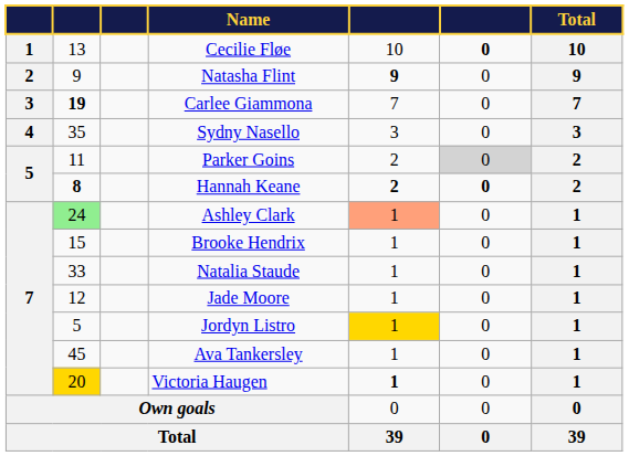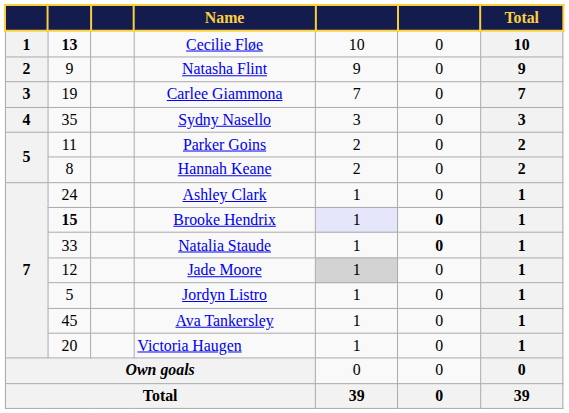 <table class="wikitable sortable" style="text-align:center;">
 <tr>
 <th style="background:#141B4D; color:#FBD13B; border:2px solid #FBD13B; width:35px;" scope="col"></th>
 <th style="background:#141B4D; color:#FBD13B; border:2px solid #FBD13B; width:35px;" scope="col"></th>
 <th style="background:#141B4D; color:#FBD13B; border:2px solid #FBD13B; width:35px;" scope="col"></th>
 <th style="background:#141B4D; color:#FBD13B; border:2px solid #FBD13B; width:175px;" scope="col">Name</th>
 <th style="background:#141B4D; color:#FBD13B; border:2px solid #FBD13B; width:75px;" scope="col"></th>
 <th style="background:#141B4D; color:#FBD13B; border:2px solid #FBD13B; width:75px;" scope="col"></th>
 <th style="background:#141B4D; color:#FBD13B; border:2px solid #FBD13B; width:75px;" scope="col">Total</th>
 </tr>
 <tr>
 <th>1</th>
-<td>13</td>
+<td><strong>13</strong></td>
 <td></td>
 <td><a href='#'>Cecilie Fløe</a></td>
 <td>10</td>
-<td><strong>0</strong></td>
+<td>0</td>
 <th>10</th>
 </tr>
 <tr>
 <th>2</th>
 <td>9</td>
 <td></td>
 <td><a href='#'>Natasha Flint</a></td>
-<td><strong>9</strong></td>
+<td>9</td>
 <td>0</td>
 <th>9</th>
 </tr>
 <tr>
 <th>3</th>
-<td><strong>19</strong></td>
+<td>19</td>
 <td></td>
 <td><a href='#'>Carlee Giammona</a></td>
 <td>7</td>
 <td>0</td>
 <th>7</th>
 </tr>
 <tr>
 <th>4</th>
 <td>35</td>
 <td></td>
 <td><a href='#'>Sydny Nasello</a></td>
 <td>3</td>
 <td>0</td>
 <th>3</th>
 </tr>
 <tr>
 <th rowspan="2">5</th>
 <td>11</td>
 <td></td>
 <td><a href='#'>Parker Goins</a></td>
 <td>2</td>
-<td style="background: lightgrey;">0</td>
+<td>0</td>
 <th>2</th>
 </tr>
 <tr>
-<td><strong>8</strong></td>
+<td>8</td>
 <td></td>
 <td><a href='#'>Hannah Keane</a></td>
-<td><strong>2</strong></td>
-<td><strong>0</strong></td>
+<td>2</td>
+<td>0</td>
 <th>2</th>
 </tr>
 <tr>
 <th rowspan="7">7</th>
-<td style="background: lightgreen;">24</td>
+<td>24</td>
 <td></td>
 <td><a href='#'>Ashley Clark</a></td>
-<td style="background: lightsalmon;">1</td>
+<td>1</td>
 <td>0</td>
 <th>1</th>
 </tr>
 <tr>
-<td>15</td>
+<td><strong>15</strong></td>
 <td></td>
 <td><a href='#'>Brooke Hendrix</a></td>
-<td>1</td>
-<td>0</td>
+<td style="background: lavender;">1</td>
+<td><strong>0</strong></td>
 <th>1</th>
 </tr>
 <tr>
 <td>33</td>
 <td></td>
 <td><a href='#'>Natalia Staude</a></td>
 <td>1</td>
-<td>0</td>
+<td><strong>0</strong></td>
 <th>1</th>
 </tr>
 <tr>
 <td>12</td>
 <td></td>
 <td><a href='#'>Jade Moore</a></td>
-<td>1</td>
+<td style="background: lightgrey;">1</td>
 <td>0</td>
 <th>1</th>
 </tr>
 <tr>
 <td>5</td>
 <td></td>
 <td><a href='#'>Jordyn Listro</a></td>
-<td style="background: gold;">1</td>
+<td>1</td>
 <td>0</td>
 <th>1</th>
 </tr>
 <tr>
 <td>45</td>
 <td></td>
 <td><a href='#'>Ava Tankersley</a></td>
 <td>1</td>
 <td>0</td>
 <th>1</th>
 </tr>
 <tr>
-<td style="background: gold;">20</td>
+<td>20</td>
 <td></td>
 <td align="left"><a href='#'>Victoria Haugen</a></td>
-<td><strong>1</strong></td>
+<td>1</td>
 <td>0</td>
 <th>1</th>
 </tr>
 <tr>
 <th colspan="4"><em>Own goals</em></th>
 <td>0</td>
 <td>0</td>
 <th>0</th>
 </tr>
 <tr>
 <th colspan="4" scope="row">Total</th>
 <th>39</th>
 <th>0</th>
 <th>39</th>
 </tr>
 </table>
